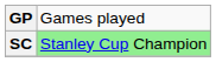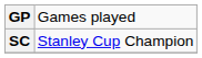 <table class="wikitable" style="font-size:90%;">
 <tr>
 <th>GP</th>
 <td>Games played</td>
 </tr>
 <tr>
 <th>SC</th>
-<td style="background: lightgreen;"><a href='#'>Stanley Cup</a> Champion</td>
+<td><a href='#'>Stanley Cup</a> Champion</td>
 </tr>
 <tr>
 </tr>
 </table>
